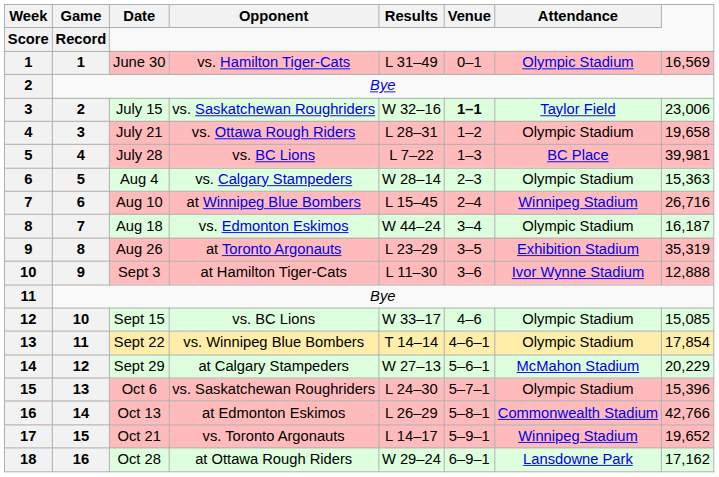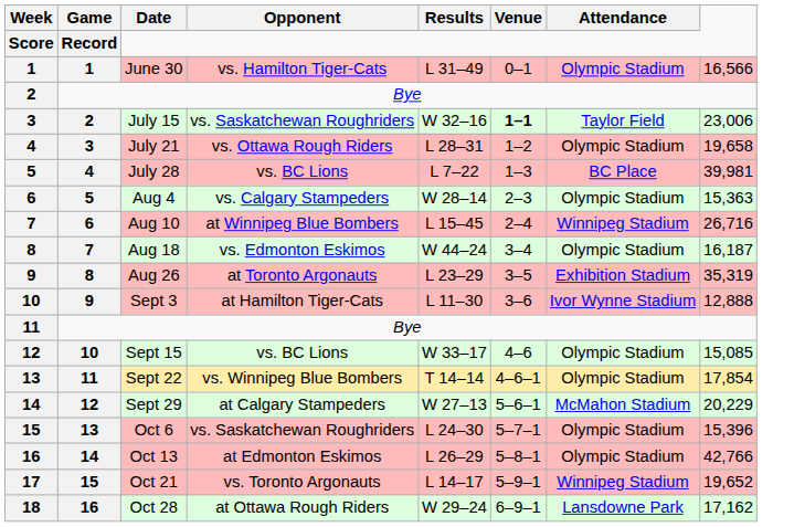 <table class="wikitable" style="text-align:center">
 <tr>
 <th>Week</th>
 <th>Game</th>
 <th>Date</th>
 <th>Opponent</th>
 <th>Results</th>
 <th>Venue</th>
 <th>Attendance</th>
 </tr>
 <tr>
 <th>Score</th>
 <th>Record</th>
 </tr>
 <tr style="background:#ffbbbb">
 <th>1</th>
 <th>1</th>
 <td>June 30</td>
 <td>vs. <a href='#'>Hamilton Tiger-Cats</a></td>
 <td>L 31–49</td>
 <td>0–1</td>
 <td><a href='#'>Olympic Stadium</a></td>
-<td>16,569</td>
+<td>16,566</td>
 </tr>
 <tr>
 <th>2</th>
 <td colspan="7"><em><a href='#'>Bye</a></em></td>
 </tr>
 <tr style="background:#ddffdd">
 <th>3</th>
 <th>2</th>
 <td>July 15</td>
 <td>vs. <a href='#'>Saskatchewan Roughriders</a></td>
 <td>W 32–16</td>
 <td><strong>1–1</strong></td>
 <td><a href='#'>Taylor Field</a></td>
 <td>23,006</td>
 </tr>
 <tr style="background:#ffbbbb">
 <th>4</th>
 <th>3</th>
 <td>July 21</td>
 <td>vs. <a href='#'>Ottawa Rough Riders</a></td>
 <td>L 28–31</td>
 <td>1–2</td>
 <td>Olympic Stadium</td>
 <td>19,658</td>
 </tr>
 <tr style="background:#ffbbbb">
 <th>5</th>
 <th>4</th>
 <td>July 28</td>
 <td>vs. <a href='#'>BC Lions</a></td>
 <td>L 7–22</td>
 <td>1–3</td>
 <td><a href='#'>BC Place</a></td>
 <td>39,981</td>
 </tr>
 <tr style="background:#ddffdd">
 <th>6</th>
 <th>5</th>
 <td>Aug 4</td>
 <td>vs. <a href='#'>Calgary Stampeders</a></td>
 <td>W 28–14</td>
 <td>2–3</td>
 <td>Olympic Stadium</td>
 <td>15,363</td>
 </tr>
 <tr style="background:#ffbbbb">
 <th>7</th>
 <th>6</th>
 <td>Aug 10</td>
 <td>at <a href='#'>Winnipeg Blue Bombers</a></td>
 <td>L 15–45</td>
 <td>2–4</td>
 <td><a href='#'>Winnipeg Stadium</a></td>
 <td>26,716</td>
 </tr>
 <tr style="background:#ddffdd">
 <th>8</th>
 <th>7</th>
 <td>Aug 18</td>
 <td>vs. <a href='#'>Edmonton Eskimos</a></td>
 <td>W 44–24</td>
 <td>3–4</td>
 <td>Olympic Stadium</td>
 <td>16,187</td>
 </tr>
 <tr style="background:#ffbbbb">
 <th>9</th>
 <th>8</th>
 <td>Aug 26</td>
 <td>at <a href='#'>Toronto Argonauts</a></td>
 <td>L 23–29</td>
 <td>3–5</td>
 <td><a href='#'>Exhibition Stadium</a></td>
 <td>35,319</td>
 </tr>
 <tr style="background:#ffbbbb">
 <th>10</th>
 <th>9</th>
 <td>Sept 3</td>
 <td>at Hamilton Tiger-Cats</td>
 <td>L 11–30</td>
 <td>3–6</td>
 <td><a href='#'>Ivor Wynne Stadium</a></td>
 <td>12,888</td>
 </tr>
 <tr>
 <th>11</th>
 <td colspan="7"><em>Bye</em></td>
 </tr>
 <tr style="background:#ddffdd">
 <th>12</th>
 <th>10</th>
 <td>Sept 15</td>
 <td>vs. BC Lions</td>
 <td>W 33–17</td>
 <td>4–6</td>
 <td>Olympic Stadium</td>
 <td>15,085</td>
 </tr>
 <tr style="background:#ffeeaa">
 <th>13</th>
 <th>11</th>
 <td>Sept 22</td>
 <td>vs. Winnipeg Blue Bombers</td>
 <td>T 14–14</td>
 <td>4–6–1</td>
 <td>Olympic Stadium</td>
 <td>17,854</td>
 </tr>
 <tr style="background:#ddffdd">
 <th>14</th>
 <th>12</th>
 <td>Sept 29</td>
 <td>at Calgary Stampeders</td>
 <td>W 27–13</td>
 <td>5–6–1</td>
 <td><a href='#'>McMahon Stadium</a></td>
 <td>20,229</td>
 </tr>
 <tr style="background:#ffbbbb">
 <th>15</th>
 <th>13</th>
 <td>Oct 6</td>
 <td>vs. Saskatchewan Roughriders</td>
 <td>L 24–30</td>
 <td>5–7–1</td>
 <td>Olympic Stadium</td>
 <td>15,396</td>
 </tr>
 <tr style="background:#ffbbbb">
 <th>16</th>
 <th>14</th>
 <td>Oct 13</td>
 <td>at Edmonton Eskimos</td>
 <td>L 26–29</td>
 <td>5–8–1</td>
-<td><a href='#'>Commonwealth Stadium</a></td>
+<td>Olympic Stadium</td>
 <td>42,766</td>
 </tr>
 <tr style="background:#ffbbbb">
 <th>17</th>
 <th>15</th>
 <td>Oct 21</td>
 <td>vs. Toronto Argonauts</td>
 <td>L 14–17</td>
 <td>5–9–1</td>
 <td><a href='#'>Winnipeg Stadium</a></td>
 <td>19,652</td>
 </tr>
 <tr style="background:#ddffdd">
 <th>18</th>
 <th>16</th>
 <td>Oct 28</td>
 <td>at Ottawa Rough Riders</td>
 <td>W 29–24</td>
 <td>6–9–1</td>
 <td><a href='#'>Lansdowne Park</a></td>
 <td>17,162</td>
 </tr>
 </table>
